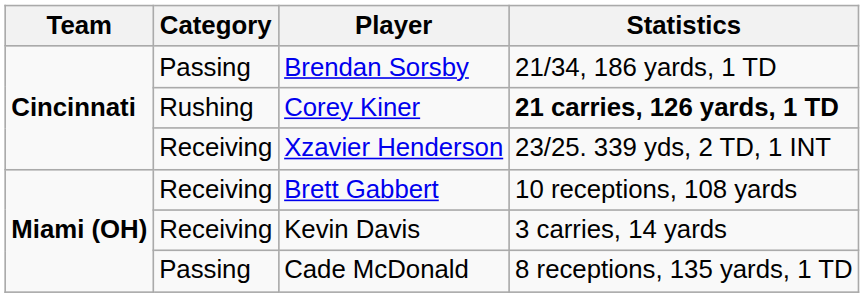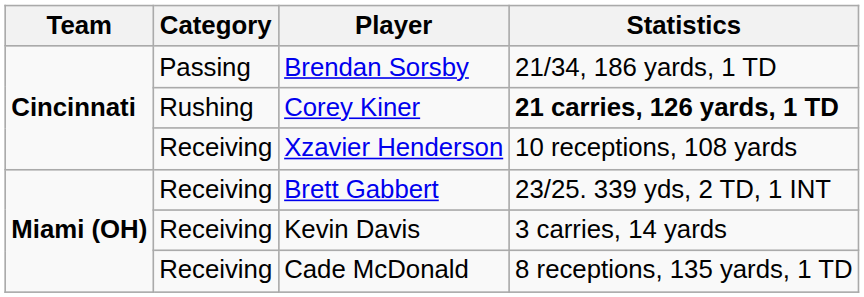 <table class="wikitable" style="float: right;">
 <tr>
 <th>Team</th>
 <th>Category</th>
 <th>Player</th>
 <th>Statistics</th>
 </tr>
 <tr>
 <td rowspan=3><strong>Cincinnati</strong></td>
 <td>Passing</td>
 <td><a href='#'>Brendan Sorsby</a></td>
 <td>21/34, 186 yards, 1 TD</td>
 </tr>
 <tr>
 <td>Rushing</td>
 <td><a href='#'>Corey Kiner</a></td>
 <td><strong>21 carries, 126 yards, 1 TD</strong></td>
 </tr>
 <tr>
 <td>Receiving</td>
 <td><a href='#'>Xzavier Henderson</a></td>
-<td>23/25. 339 yds, 2 TD, 1 INT</td>
+<td>10 receptions, 108 yards</td>
 </tr>
 <tr>
 <td rowspan=3><strong>Miami (OH)</strong></td>
 <td>Receiving</td>
 <td><a href='#'>Brett Gabbert</a></td>
-<td>10 receptions, 108 yards</td>
+<td>23/25. 339 yds, 2 TD, 1 INT</td>
 </tr>
 <tr>
 <td>Receiving</td>
 <td>Kevin Davis</td>
 <td>3 carries, 14 yards</td>
 </tr>
 <tr>
-<td>Passing</td>
+<td>Receiving</td>
 <td>Cade McDonald</td>
 <td>8 receptions, 135 yards, 1 TD</td>
 </tr>
 </table>
